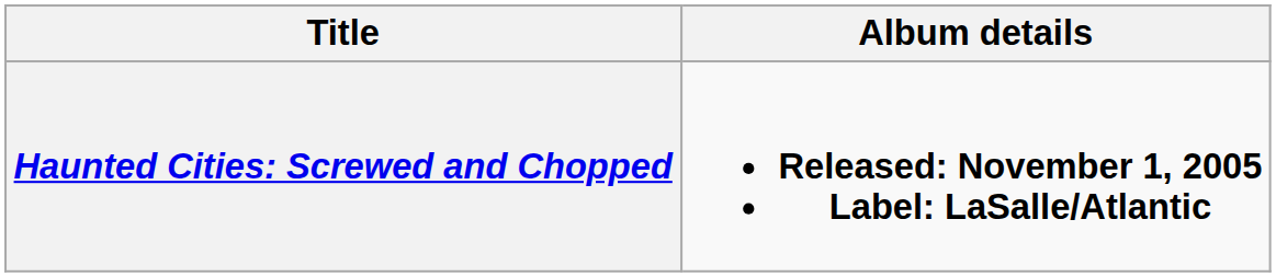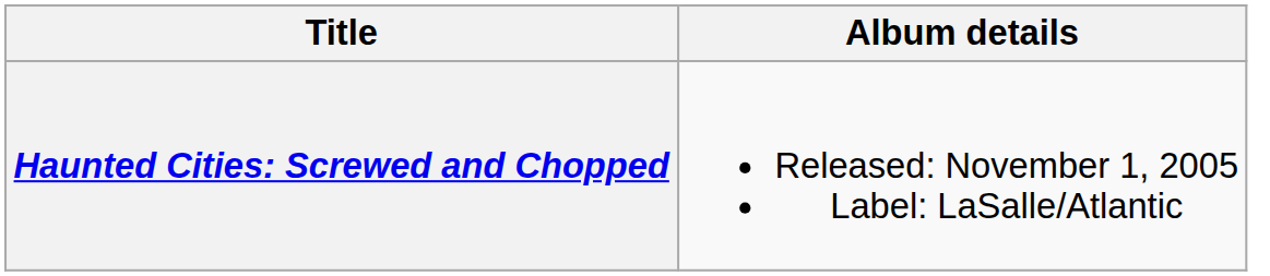 <table class="wikitable plainrowheaders" style="text-align:center;">
 <tr>
 <th rowspan="1" scope="col">Title</th>
 <th rowspan="1" scope="col">Album details</th>
 </tr>
 <tr>
 <th scope="row"><em><a href='#'>Haunted Cities: Screwed and Chopped</a></em></th>
-<td><strong><br><ul><li>Released: November 1, 2005</li><li>Label: LaSalle/Atlantic</li></ul></strong></td>
+<td><br><ul><li>Released: November 1, 2005</li><li>Label: LaSalle/Atlantic</li></ul></td>
 </tr>
 </table>
